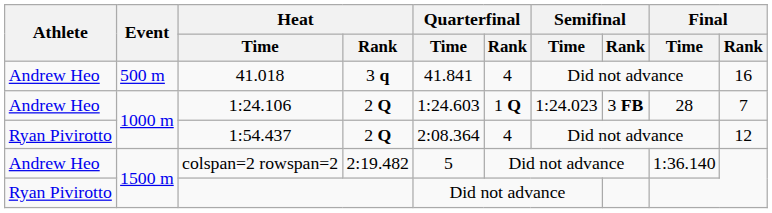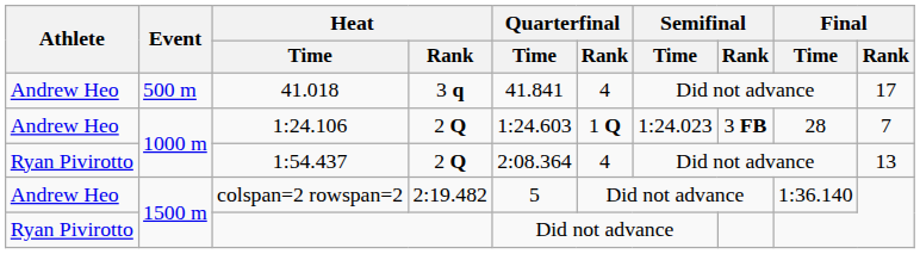 <table class=wikitable style=font-size:90%;text-align:center>
 <tr>
 <th rowspan=2>Athlete</th>
 <th rowspan=2>Event</th>
 <th colspan=2>Heat</th>
 <th colspan=2>Quarterfinal</th>
 <th colspan=2>Semifinal</th>
 <th colspan=2>Final</th>
 </tr>
 <tr style=font-size:95%>
 <th>Time</th>
 <th>Rank</th>
 <th>Time</th>
 <th>Rank</th>
 <th>Time</th>
 <th>Rank</th>
 <th>Time</th>
 <th>Rank</th>
 </tr>
 <tr>
 <td align=left><a href='#'>Andrew Heo</a></td>
 <td align=left><a href='#'>500 m</a></td>
 <td>41.018</td>
 <td>3 <strong>q</strong></td>
 <td>41.841</td>
 <td>4</td>
 <td colspan=3>Did not advance</td>
-<td>16</td>
+<td>17</td>
 </tr>
 <tr>
 <td align=left><a href='#'>Andrew Heo</a></td>
 <td align=left rowspan=2><a href='#'>1000 m</a></td>
 <td>1:24.106</td>
 <td>2 <strong>Q</strong></td>
 <td>1:24.603</td>
 <td>1 <strong>Q</strong></td>
 <td>1:24.023</td>
 <td>3 <strong>FB</strong></td>
 <td>28</td>
 <td>7</td>
 </tr>
 <tr>
 <td align=left><a href='#'>Ryan Pivirotto</a></td>
 <td>1:54.437</td>
 <td>2 <strong>Q</strong></td>
 <td>2:08.364</td>
 <td>4</td>
 <td colspan=3>Did not advance</td>
-<td>12</td>
+<td>13</td>
 </tr>
 <tr>
 <td align=left><a href='#'>Andrew Heo</a></td>
 <td align=left rowspan=2><a href='#'>1500 m</a></td>
 <td>colspan=2 rowspan=2 </td>
 <td>2:19.482</td>
 <td>5</td>
 <td colspan=3>Did not advance</td>
 <td>1:36.140</td>
 </tr>
 <tr>
 <td align=left><a href='#'>Ryan Pivirotto</a></td>
 <td colspan=2></td>
 <td colspan=3>Did not advance</td>
 <td></td>
 </tr>
 </table>
